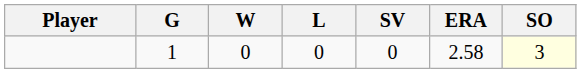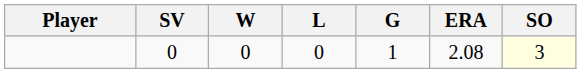 <table class="wikitable sortable">
 <tr>
 <th bgcolor="#DDDDFF" width="16%">Player</th>
-<th bgcolor="#DDDDFF" width="9%">G</th>
+<th bgcolor="#DDDDFF" width="9%">SV</th>
 <th bgcolor="#DDDDFF" width="9%">W</th>
 <th bgcolor="#DDDDFF" width="9%">L</th>
-<th bgcolor="#DDDDFF" width="9%">SV</th>
+<th bgcolor="#DDDDFF" width="9%">G</th>
 <th bgcolor="#DDDDFF" width="9%">ERA</th>
 <th bgcolor="#DDDDFF" width="9%">SO</th>
 </tr>
 <tr align="center">
 <td></td>
-<td>1</td>
 <td>0</td>
 <td>0</td>
 <td>0</td>
-<td>2.58</td>
+<td>1</td>
+<td>2.08</td>
 <td style="background: lightyellow;">3</td>
 </tr>
 </table>
